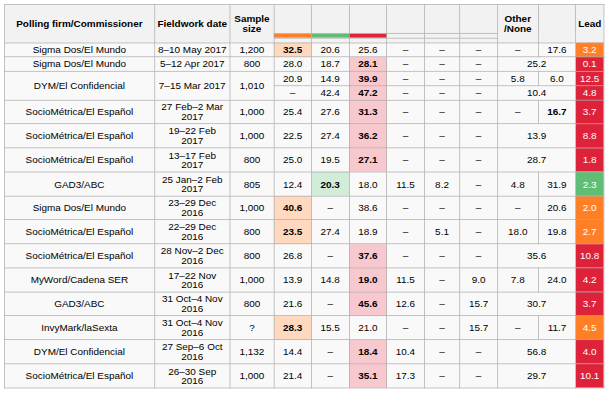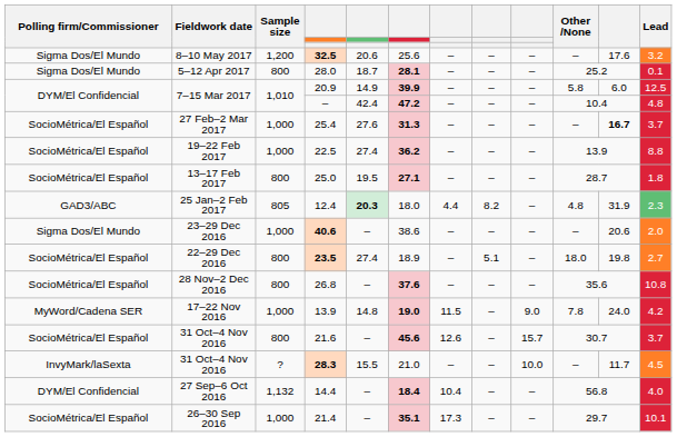 <table class="wikitable collapsible collapsed" style="text-align:center; font-size:90%; line-height:14px;">
 <tr style="height:42px;">
 <th style="width:260px;" rowspan="3">Polling firm/Commissioner</th>
 <th style="width:125px;" rowspan="3">Fieldwork date</th>
 <th style="width:60px;" rowspan="3">Sample size</th>
 <th style="width:60px;"></th>
 <th style="width:60px;"></th>
 <th style="width:60px;"></th>
 <th style="width:60px;"></th>
 <th style="width:60px;"></th>
 <th style="width:60px;"></th>
 <th style="width:60px;" rowspan="3">Other<br>/None</th>
 <th style="width:60px;" rowspan="3"></th>
 <th style="width:30px;" rowspan="3">Lead</th>
 </tr>
 <tr>
 <th style="color:inherit;background:#FF7F27;"></th>
 <th style="color:inherit;background:#5FBE74;"></th>
 <th style="color:inherit;background:#DD2239;"></th>
 <th style="color:inherit;background:"></th>
 <th style="color:inherit;background:"></th>
 <th style="color:inherit;background:"></th>
 </tr>
 <tr>
 <th></th>
 <th></th>
 <th></th>
 <th></th>
 <th></th>
 <th></th>
 </tr>
 <tr>
 <td>Sigma Dos/El Mundo</td>
 <td>8–10 May 2017</td>
 <td>1,200</td>
 <td style="color:inherit;background:#FFD9BF;"><strong>32.5</strong></td>
 <td>20.6</td>
 <td>25.6</td>
 <td>–</td>
 <td>–</td>
 <td>–</td>
 <td>–</td>
 <td>17.6</td>
 <td style="color:inherit;background:#FF7F27; color:white;">3.2</td>
 </tr>
 <tr>
 <td>Sigma Dos/El Mundo</td>
 <td>5–12 Apr 2017</td>
 <td>800</td>
 <td>28.0</td>
 <td>18.7</td>
 <td style="color:inherit;background:#F7C8CE;"><strong>28.1</strong></td>
 <td>–</td>
 <td>–</td>
 <td>–</td>
 <td colspan="2">25.2</td>
 <td style="color:inherit;background:#DD2239; color:white;">0.1</td>
 </tr>
 <tr>
 <td rowspan="2">DYM/El Confidencial</td>
 <td rowspan="2">7–15 Mar 2017</td>
 <td rowspan="2">1,010</td>
 <td>20.9</td>
 <td>14.9</td>
 <td style="color:inherit;background:#F7C8CE;"><strong>39.9</strong></td>
 <td>–</td>
 <td>–</td>
 <td>–</td>
 <td>5.8</td>
 <td>6.0</td>
 <td style="color:inherit;background:#DD2239; color:white;">12.5</td>
 </tr>
 <tr>
 <td>–</td>
 <td>42.4</td>
 <td style="color:inherit;background:#F7C8CE;"><strong>47.2</strong></td>
 <td>–</td>
 <td>–</td>
 <td>–</td>
 <td colspan="2">10.4</td>
 <td style="color:inherit;background:#DD2239; color:white;">4.8</td>
 </tr>
 <tr>
 <td>SocioMétrica/El Español</td>
 <td>27 Feb–2 Mar 2017</td>
 <td>1,000</td>
 <td>25.4</td>
 <td>27.6</td>
 <td style="color:inherit;background:#F7C8CE;"><strong>31.3</strong></td>
 <td>–</td>
 <td>–</td>
 <td>–</td>
 <td>–</td>
 <td><strong>16.7</strong></td>
 <td style="color:inherit;background:#DD2239; color:white;">3.7</td>
 </tr>
 <tr>
 <td>SocioMétrica/El Español</td>
 <td>19–22 Feb 2017</td>
 <td>1,000</td>
 <td>22.5</td>
 <td>27.4</td>
 <td style="color:inherit;background:#F7C8CE;"><strong>36.2</strong></td>
 <td>–</td>
 <td>–</td>
 <td>–</td>
 <td colspan="2">13.9</td>
 <td style="color:inherit;background:#DD2239; color:white;">8.8</td>
 </tr>
 <tr>
 <td>SocioMétrica/El Español</td>
 <td>13–17 Feb 2017</td>
 <td>800</td>
 <td>25.0</td>
 <td>19.5</td>
 <td style="color:inherit;background:#F7C8CE;"><strong>27.1</strong></td>
 <td>–</td>
 <td>–</td>
 <td>–</td>
 <td colspan="2">28.7</td>
 <td style="color:inherit;background:#DD2239; color:white;">1.8</td>
 </tr>
 <tr>
 <td>GAD3/ABC</td>
 <td>25 Jan–2 Feb 2017</td>
 <td>805</td>
 <td>12.4</td>
 <td style="color:inherit;background:#D1EDD8;"><strong>20.3</strong></td>
 <td>18.0</td>
-<td>11.5</td>
+<td>4.4</td>
 <td>8.2</td>
 <td>–</td>
 <td>4.8</td>
 <td>31.9</td>
 <td style="color:inherit;background:#5FBE74; color:white;">2.3</td>
 </tr>
 <tr>
 <td>Sigma Dos/El Mundo</td>
 <td>23–29 Dec 2016</td>
 <td>1,000</td>
 <td style="color:inherit;background:#FFD9BF;"><strong>40.6</strong></td>
 <td>–</td>
 <td>38.6</td>
 <td>–</td>
 <td>–</td>
 <td>–</td>
 <td>–</td>
 <td>20.6</td>
 <td style="color:inherit;background:#FF7F27; color:white;">2.0</td>
 </tr>
 <tr>
 <td>SocioMétrica/El Español</td>
 <td>22–29 Dec 2016</td>
 <td>800</td>
 <td style="color:inherit;background:#FFD9BF;"><strong>23.5</strong></td>
 <td>27.4</td>
 <td>18.9</td>
 <td>–</td>
 <td>5.1</td>
 <td>–</td>
 <td>18.0</td>
 <td>19.8</td>
 <td style="color:inherit;background:#FF7F27; color:white;">2.7</td>
 </tr>
 <tr>
 <td>SocioMétrica/El Español</td>
 <td>28 Nov–2 Dec 2016</td>
 <td>800</td>
 <td>26.8</td>
 <td>–</td>
 <td style="color:inherit;background:#F7C8CE;"><strong>37.6</strong></td>
 <td>–</td>
 <td>–</td>
 <td>–</td>
 <td colspan="2">35.6</td>
 <td style="color:inherit;background:#DD2239; color:white;">10.8</td>
 </tr>
 <tr>
 <td>MyWord/Cadena SER</td>
 <td>17–22 Nov 2016</td>
 <td>1,000</td>
 <td>13.9</td>
 <td>14.8</td>
 <td style="color:inherit;background:#F7C8CE;"><strong>19.0</strong></td>
 <td>11.5</td>
 <td>–</td>
 <td>9.0</td>
 <td>7.8</td>
 <td>24.0</td>
 <td style="color:inherit;background:#DD2239; color:white;">4.2</td>
 </tr>
 <tr>
-<td>GAD3/ABC</td>
+<td>SocioMétrica/El Español</td>
 <td>31 Oct–4 Nov 2016</td>
 <td>800</td>
 <td>21.6</td>
 <td>–</td>
 <td style="color:inherit;background:#F7C8CE;"><strong>45.6</strong></td>
 <td>12.6</td>
 <td>–</td>
 <td>15.7</td>
 <td colspan="2">30.7</td>
 <td style="color:inherit;background:#DD2239; color:white;">3.7</td>
 </tr>
 <tr>
 <td>InvyMark/laSexta</td>
 <td>31 Oct–4 Nov 2016</td>
 <td>?</td>
 <td style="color:inherit;background:#FFD9BF;"><strong>28.3</strong></td>
 <td>15.5</td>
 <td>21.0</td>
 <td>–</td>
 <td>–</td>
-<td>15.7</td>
+<td>10.0</td>
 <td>–</td>
 <td>11.7</td>
 <td style="color:inherit;background:#FF7F27; color:white;">4.5</td>
 </tr>
 <tr>
 <td>DYM/El Confidencial</td>
 <td>27 Sep–6 Oct 2016</td>
 <td>1,132</td>
 <td>14.4</td>
 <td>–</td>
 <td style="color:inherit;background:#F7C8CE;"><strong>18.4</strong></td>
 <td>10.4</td>
 <td>–</td>
 <td>–</td>
 <td colspan="2">56.8</td>
 <td style="color:inherit;background:#DD2239; color:white;">4.0</td>
 </tr>
 <tr>
 <td>SocioMétrica/El Español</td>
 <td>26–30 Sep 2016</td>
 <td>1,000</td>
 <td>21.4</td>
 <td>–</td>
 <td style="color:inherit;background:#F7C8CE;"><strong>35.1</strong></td>
 <td>17.3</td>
 <td>–</td>
 <td>–</td>
 <td colspan="2">29.7</td>
 <td style="color:inherit;background:#DD2239; color:white;">10.1</td>
 </tr>
 </table>
